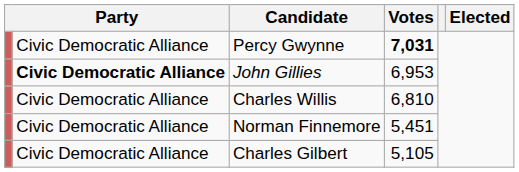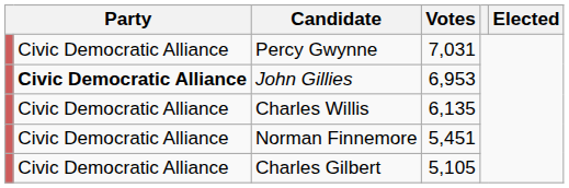 <table class="wikitable">
 <tr>
 <th colspan="2">Party</th>
 <th>Candidate</th>
 <th>Votes</th>
 <th></th>
 <th>Elected<br>    </th>
 </tr>
 <tr>
 <td bgcolor="indianred"></td>
 <td>Civic Democratic Alliance</td>
 <td>Percy Gwynne</td>
-<td align="right"><strong>7,031</strong></td>
+<td align="right">7,031</td>
 </tr>
 <tr>
 <td bgcolor="indianred"></td>
 <td><strong>Civic Democratic Alliance</strong></td>
 <td><em>John Gillies</em></td>
 <td align="right">6,953</td>
 </tr>
 <tr>
 <td bgcolor="indianred"></td>
 <td>Civic Democratic Alliance</td>
 <td>Charles Willis</td>
-<td align="right">6,810</td>
+<td align="right">6,135</td>
 </tr>
 <tr>
 <td bgcolor="indianred"></td>
 <td>Civic Democratic Alliance</td>
 <td>Norman Finnemore</td>
 <td align="right">5,451</td>
 </tr>
 <tr>
 <td bgcolor="indianred"></td>
 <td>Civic Democratic Alliance</td>
 <td>Charles Gilbert</td>
 <td align="right">5,105<br>  </td>
 </tr>
 </table>
